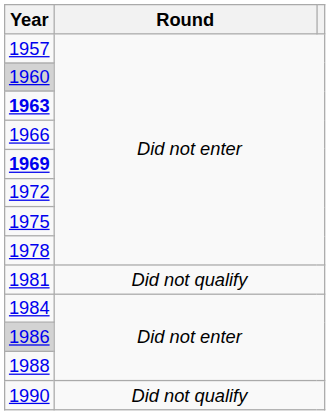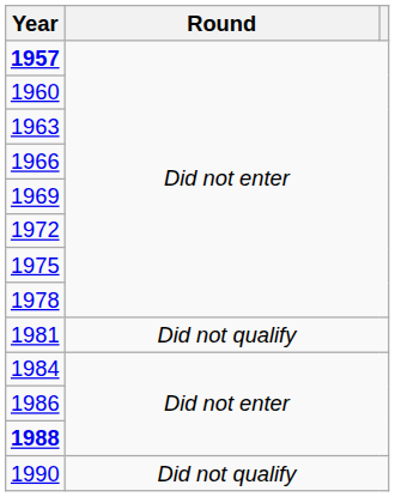 <table class="wikitable" style="text-align: center; font-size:90%">
 <tr>
 <th>Year</th>
 <th style="width:200px">Round</th>
 <th></th>
 </tr>
 <tr>
-<td><a href='#'>1957</a></td>
+<td><strong><a href='#'>1957</a></strong></td>
 <td colspan="2" rowspan="8"><em>Did not enter</em></td>
 </tr>
 <tr>
-<td style="background: lightgrey;"><a href='#'>1960</a></td>
+<td><a href='#'>1960</a></td>
 </tr>
 <tr>
-<td><strong><a href='#'>1963</a></strong></td>
+<td><a href='#'>1963</a></td>
 </tr>
 <tr>
 <td><a href='#'>1966</a></td>
 </tr>
 <tr>
-<td><strong><a href='#'>1969</a></strong></td>
+<td><a href='#'>1969</a></td>
 </tr>
 <tr>
 <td><a href='#'>1972</a></td>
 </tr>
 <tr>
 <td><a href='#'>1975</a></td>
 </tr>
 <tr>
 <td><a href='#'>1978</a></td>
 </tr>
 <tr>
 <td><a href='#'>1981</a></td>
 <td colspan="2"><em>Did not qualify</em></td>
 </tr>
 <tr>
 <td><a href='#'>1984</a></td>
 <td colspan="2" rowspan="3"><em>Did not enter</em></td>
 </tr>
 <tr>
-<td style="background: lightgrey;"><a href='#'>1986</a></td>
+<td><a href='#'>1986</a></td>
 </tr>
 <tr>
-<td><a href='#'>1988</a></td>
+<td><strong><a href='#'>1988</a></strong></td>
 </tr>
 <tr>
 <td><a href='#'>1990</a></td>
 <td colspan="2"><em>Did not qualify</em></td>
 </tr>
 </table>
